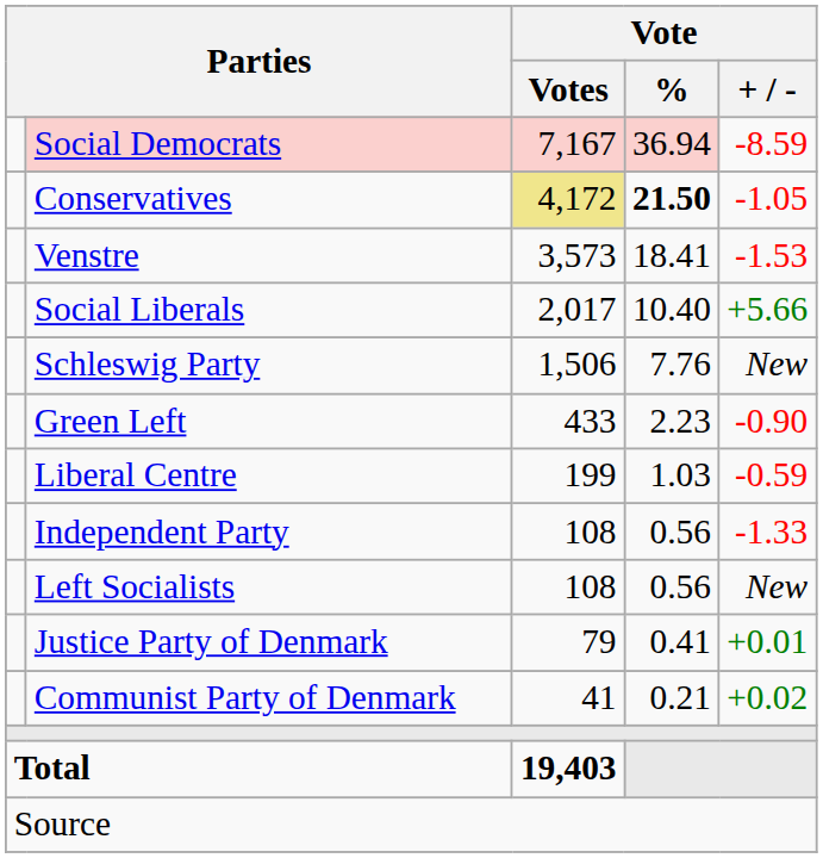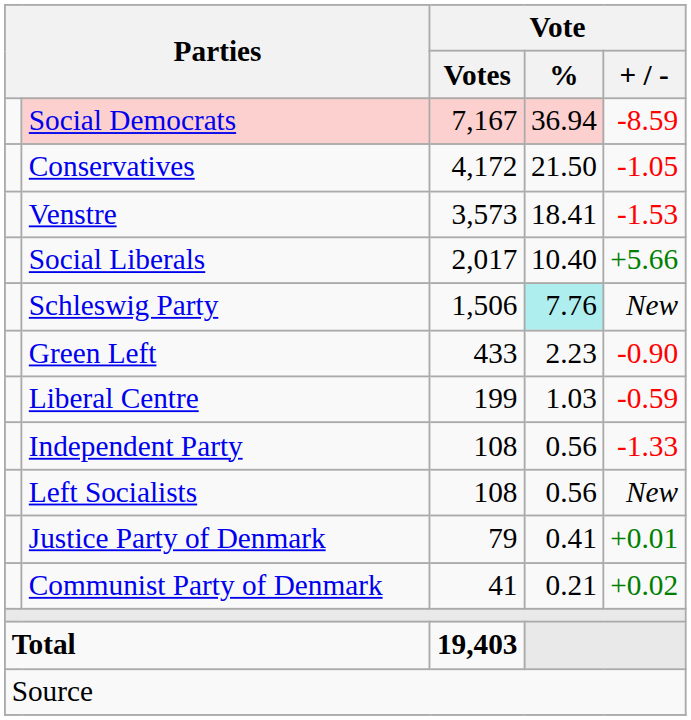 <table class="wikitable" style="text-align:right;">
 <tr>
 <th style="text-align:centre;" rowspan="2" colspan="2" width="225">Parties</th>
 <th colspan="3">Vote</th>
 </tr>
 <tr>
 <th width="15">Votes</th>
 <th width="15">%</th>
 <th width="15">+ / -</th>
 </tr>
 <tr>
 <td width="2" style="color:inherit;background:"></td>
 <td bgcolor=#fbd0ce  align="left"><a href='#'>Social Democrats</a></td>
 <td bgcolor=#fbd0ce>7,167</td>
 <td bgcolor=#fbd0ce>36.94</td>
 <td style=color:red;>-8.59</td>
 </tr>
 <tr>
 <td width="2" style="color:inherit;background:"></td>
 <td align="left"><a href='#'>Conservatives</a></td>
-<td style="background: khaki;">4,172</td>
-<td><strong>21.50</strong></td>
+<td>4,172</td>
+<td>21.50</td>
 <td style=color:red;>-1.05</td>
 </tr>
 <tr>
 <td width="2" style="color:inherit;background:"></td>
 <td align="left"><a href='#'>Venstre</a></td>
 <td>3,573</td>
 <td>18.41</td>
 <td style=color:red;>-1.53</td>
 </tr>
 <tr>
 <td width="2" style="color:inherit;background:"></td>
 <td align="left"><a href='#'>Social Liberals</a></td>
 <td>2,017</td>
 <td>10.40</td>
 <td style=color:green;>+5.66</td>
 </tr>
 <tr>
 <td width="2" style="color:inherit;background:"></td>
 <td align="left"><a href='#'>Schleswig Party</a></td>
 <td>1,506</td>
-<td>7.76</td>
+<td style="background: paleturquoise;">7.76</td>
 <td><em>New</em></td>
 </tr>
 <tr>
 <td width="2" style="color:inherit;background:"></td>
 <td align="left"><a href='#'>Green Left</a></td>
 <td>433</td>
 <td>2.23</td>
 <td style=color:red;>-0.90</td>
 </tr>
 <tr>
 <td width="2" style="color:inherit;background:"></td>
 <td align="left"><a href='#'>Liberal Centre</a></td>
 <td>199</td>
 <td>1.03</td>
 <td style=color:red;>-0.59</td>
 </tr>
 <tr>
 <td width="2" style="color:inherit;background:"></td>
 <td align="left"><a href='#'>Independent Party</a></td>
 <td>108</td>
 <td>0.56</td>
 <td style=color:red;>-1.33</td>
 </tr>
 <tr>
 <td width="2" style="color:inherit;background:"></td>
 <td align="left"><a href='#'>Left Socialists</a></td>
 <td>108</td>
 <td>0.56</td>
 <td><em>New</em></td>
 </tr>
 <tr>
 <td width="2" style="color:inherit;background:"></td>
 <td align="left"><a href='#'>Justice Party of Denmark</a></td>
 <td>79</td>
 <td>0.41</td>
 <td style=color:green;>+0.01</td>
 </tr>
 <tr>
 <td width="2" style="color:inherit;background:"></td>
 <td align="left"><a href='#'>Communist Party of Denmark</a></td>
 <td>41</td>
 <td>0.21</td>
 <td style=color:green;>+0.02</td>
 </tr>
 <tr>
 <td colspan="7" bgcolor="#E9E9E9"></td>
 </tr>
 <tr>
 <td align="left" colspan="2"><strong>Total</strong></td>
 <td><strong>19,403</strong></td>
 <td bgcolor="#E9E9E9" colspan="2"></td>
 </tr>
 <tr>
 <td align="left" colspan="6">Source</td>
 </tr>
 </table>
